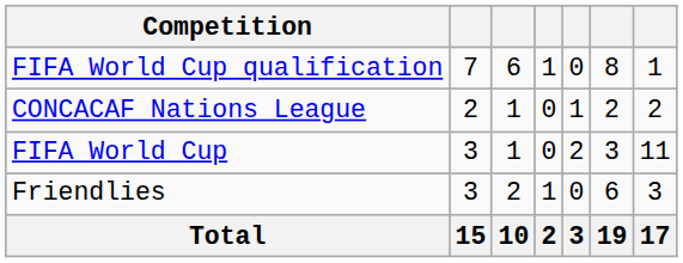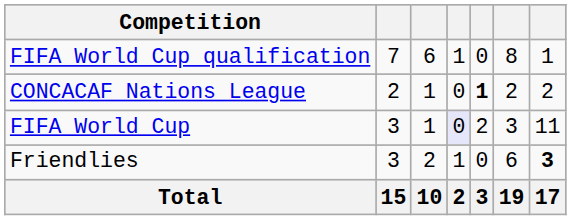 <table class="wikitable">
 <tr>
 <th>Competition</th>
 <th></th>
 <th></th>
 <th></th>
 <th></th>
 <th></th>
 <th></th>
 </tr>
 <tr align=center>
 <td align=left><a href='#'>FIFA World Cup qualification</a></td>
 <td>7</td>
 <td>6</td>
 <td>1</td>
 <td>0</td>
 <td>8</td>
 <td>1</td>
 </tr>
 <tr align=center>
 <td align=left><a href='#'>CONCACAF Nations League</a></td>
 <td>2</td>
 <td>1</td>
 <td>0</td>
-<td>1</td>
+<td><strong>1</strong></td>
 <td>2</td>
 <td>2</td>
 </tr>
 <tr align=center>
 <td align=left><a href='#'>FIFA World Cup</a></td>
 <td>3</td>
 <td>1</td>
-<td>0</td>
+<td style="background: lavender;">0</td>
 <td>2</td>
 <td>3</td>
 <td>11</td>
 </tr>
 <tr align=center>
 <td align=left>Friendlies</td>
 <td>3</td>
 <td>2</td>
 <td>1</td>
 <td>0</td>
 <td>6</td>
-<td>3</td>
+<td><strong>3</strong></td>
 </tr>
 <tr>
 <th align=left>Total</th>
 <th>15</th>
 <th>10</th>
 <th>2</th>
 <th>3</th>
 <th>19</th>
 <th>17</th>
 </tr>
 </table>
